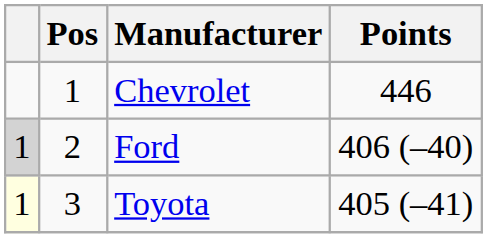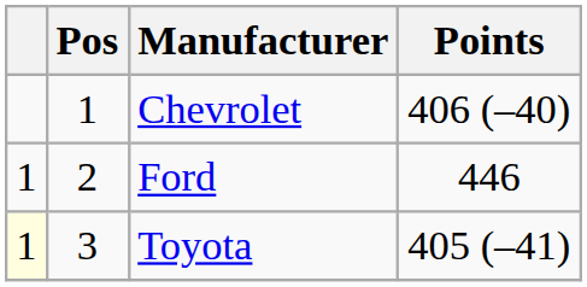 <table class="wikitable" style="font-size: 95%">
 <tr>
 <th></th>
 <th>Pos</th>
 <th>Manufacturer</th>
 <th>Points</th>
 </tr>
 <tr>
 <td align="left"></td>
 <td style="text-align:center;">1</td>
 <td><a href='#'>Chevrolet</a></td>
-<td style="text-align:center;">446</td>
+<td style="text-align:center;">406 (–40)</td>
 </tr>
 <tr>
-<td align="left" style="background: lightgrey;"> 1</td>
+<td align="left"> 1</td>
 <td style="text-align:center;">2</td>
 <td><a href='#'>Ford</a></td>
-<td style="text-align:center;">406 (–40)</td>
+<td style="text-align:center;">446</td>
 </tr>
 <tr>
 <td align="left" style="background: lightyellow;"> 1</td>
 <td style="text-align:center;">3</td>
 <td><a href='#'>Toyota</a></td>
 <td style="text-align:center;">405 (–41)</td>
 </tr>
 <tr class="sortbottom">
 </tr>
 </table>
